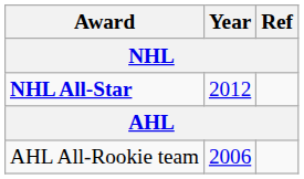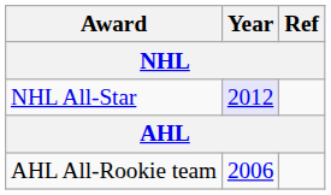 <table class="wikitable">
 <tr>
 <th>Award</th>
 <th>Year</th>
 <th>Ref</th>
 </tr>
 <tr>
 <th colspan="3"><a href='#'>NHL</a></th>
 </tr>
 <tr>
-<td><strong><a href='#'>NHL All-Star</a></strong></td>
-<td><a href='#'>2012</a></td>
+<td><a href='#'>NHL All-Star</a></td>
+<td style="background: lavender;"><a href='#'>2012</a></td>
 <td></td>
 </tr>
 <tr>
 <th colspan="3"><a href='#'>AHL</a></th>
 </tr>
 <tr>
 <td>AHL All-Rookie team</td>
 <td><a href='#'>2006</a></td>
 <td></td>
 </tr>
 </table>
